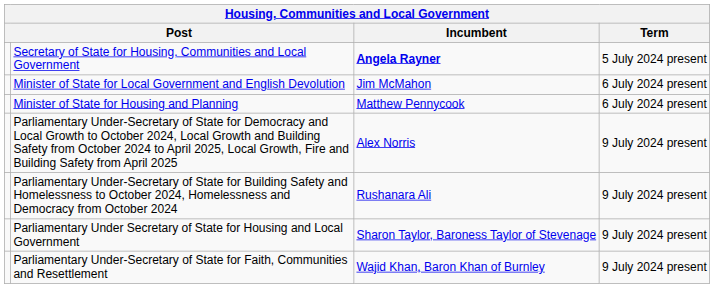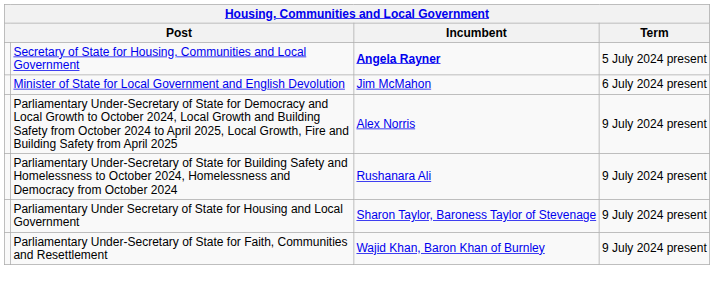 <table class="wikitable">
 <tr>
 <th colspan="4"><a href='#'>Housing, Communities and Local Government</a></th>
 </tr>
 <tr>
 <th colspan="2">Post</th>
 <th>Incumbent</th>
 <th>Term</th>
 </tr>
 <tr>
 <td style="width: 1px; background: "></td>
 <td style="width: 450px;"><a href='#'>Secretary of State for Housing, Communities and Local Government</a><br></td>
 <td style="width: 320px;"><strong><a href='#'>Angela Rayner</a></strong></td>
 <td>5 July 2024 present</td>
 </tr>
 <tr>
 <td rowspan="1" style="width: 1px; background: "></td>
 <td rowspan="1"><a href='#'>Minister of State for Local Government and English Devolution</a></td>
 <td><a href='#'>Jim McMahon</a></td>
-<td>6 July 2024 present</td>
-</tr>
-<tr>
-<td rowspan="1" style="width: 1px; background: "></td>
-<td><a href='#'>Minister of State for Housing and Planning</a></td>
-<td><a href='#'>Matthew Pennycook</a></td>
 <td>6 July 2024 present</td>
 </tr>
 <tr>
 <td rowspan="1" style="width: 1px; background: "></td>
 <td rowspan="1">Parliamentary Under-Secretary of State for Democracy and Local Growth to October 2024,  Local Growth and Building Safety from October 2024 to April 2025, Local Growth, Fire and Building Safety from April 2025</td>
 <td><a href='#'>Alex Norris</a></td>
 <td>9 July 2024 present</td>
 </tr>
 <tr>
 <td rowspan="1" style="width: 1px; background: "></td>
 <td>Parliamentary Under-Secretary of State for Building Safety and Homelessness to October 2024,  Homelessness and Democracy from October 2024</td>
 <td><a href='#'>Rushanara Ali</a></td>
 <td>9 July 2024 present</td>
 </tr>
 <tr>
 <td rowspan="1" style="width: 1px; background: "></td>
 <td>Parliamentary Under Secretary of State for Housing and Local Government</td>
 <td><a href='#'>Sharon Taylor, Baroness Taylor of Stevenage</a> </td>
 <td>9 July 2024 present</td>
 </tr>
 <tr>
 <td rowspan="1" style="width: 1px; background: "></td>
 <td rowspan="1">Parliamentary Under-Secretary of State for Faith, Communities and Resettlement</td>
 <td><a href='#'>Wajid Khan, Baron Khan of Burnley</a></td>
 <td>9 July 2024 present</td>
 </tr>
 </table>
